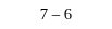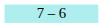 <table style="text-align:center">
 <tr>
 <th width=200></th>
 <th width=100></th>
 <th width=200></th>
 </tr>
 <tr>
 <td align=right><strong></strong></td>
-<td>7 – 6</td>
+<td style="background: paleturquoise;">7 – 6</td>
 <td align=left></td>
 </tr>
 </table>
